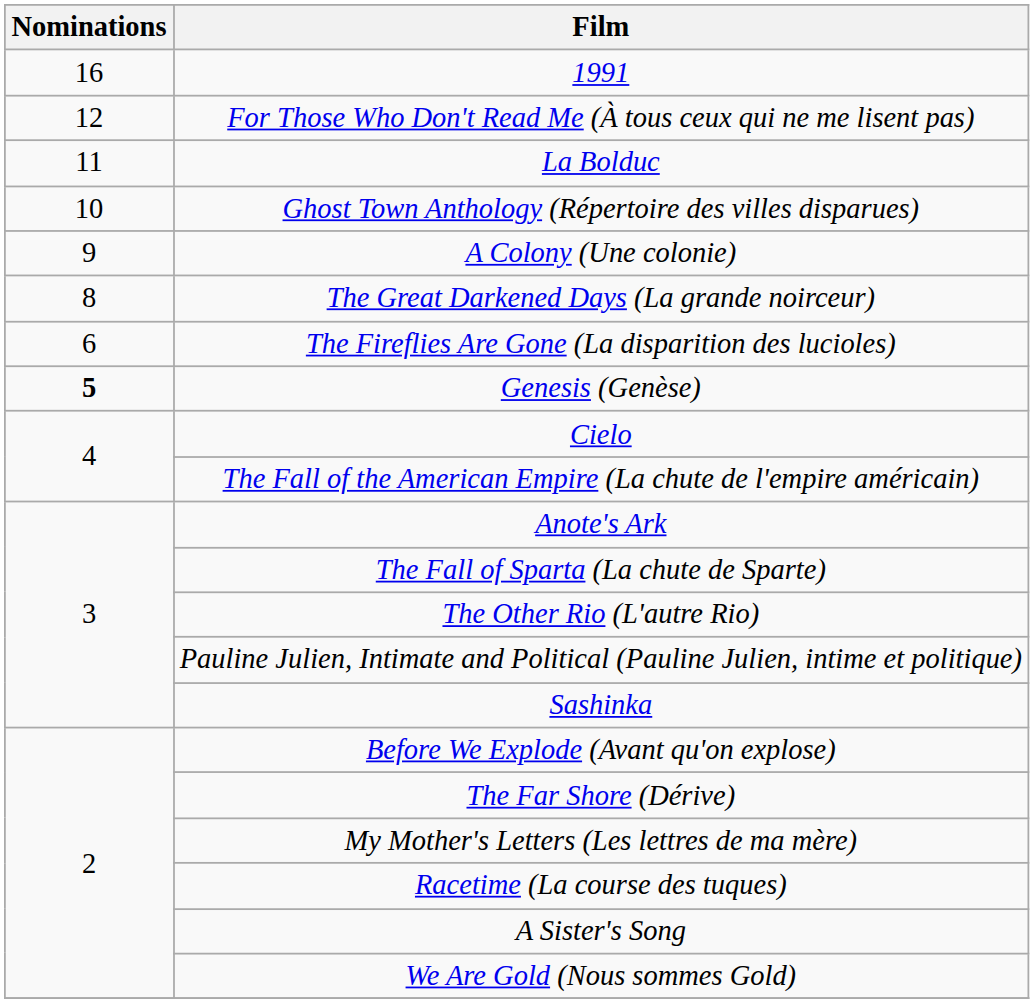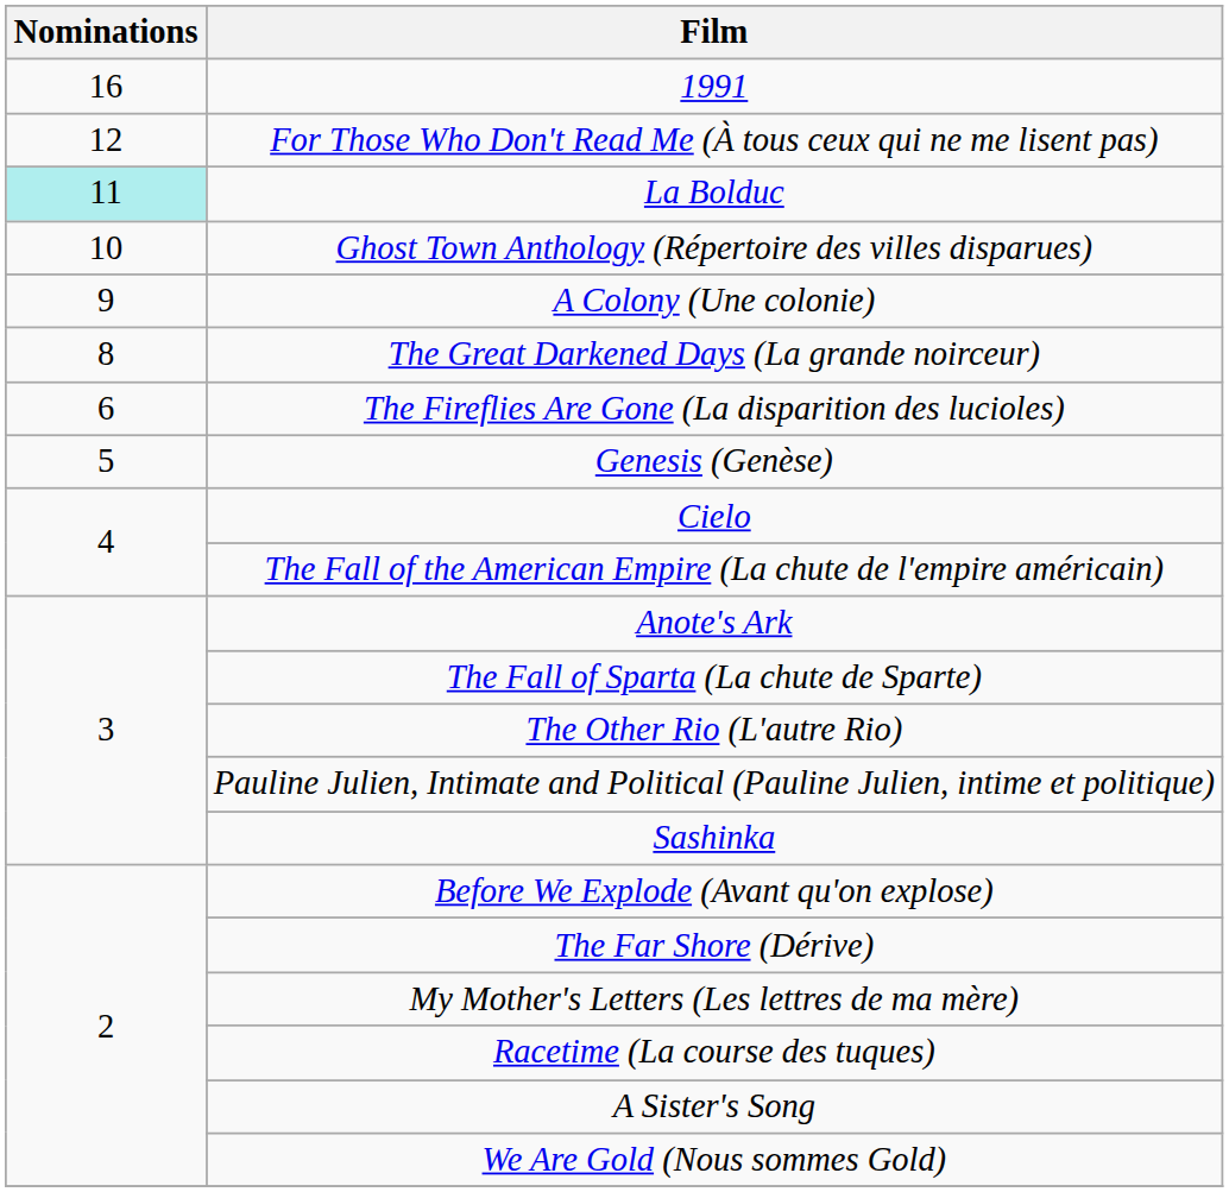 <table class="wikitable" style="text-align:center;">
 <tr>
 <th scope="col" width="17">Nominations</th>
 <th scope="col" align="center">Film</th>
 </tr>
 <tr>
 <td rowspan="1" style="text-align:center;">16</td>
 <td><em><a href='#'>1991</a></em></td>
 </tr>
 <tr>
 <td rowspan="1" style="text-align:center;">12</td>
 <td><em><a href='#'>For Those Who Don't Read Me</a> (À tous ceux qui ne me lisent pas)</em></td>
 </tr>
 <tr>
-<td rowspan="1" style="text-align:center;">11</td>
+<td rowspan="1" style="background: paleturquoise; text-align:center;">11</td>
 <td><em><a href='#'>La Bolduc</a></em></td>
 </tr>
 <tr>
 <td rowspan="1" style="text-align:center;">10</td>
 <td><em><a href='#'>Ghost Town Anthology</a> (Répertoire des villes disparues)</em></td>
 </tr>
 <tr>
 <td rowspan="1" style="text-align:center;">9</td>
 <td><em><a href='#'>A Colony</a> (Une colonie)</em></td>
 </tr>
 <tr>
 <td rowspan="1" style="text-align:center;">8</td>
 <td><em><a href='#'>The Great Darkened Days</a> (La grande noirceur)</em></td>
 </tr>
 <tr>
 <td rowspan="1" style="text-align:center;">6</td>
 <td><em><a href='#'>The Fireflies Are Gone</a> (La disparition des lucioles)</em></td>
 </tr>
 <tr>
-<td rowspan="1" style="text-align:center;"><strong>5</strong></td>
+<td rowspan="1" style="text-align:center;">5</td>
 <td><em><a href='#'>Genesis</a> (Genèse)</em></td>
 </tr>
 <tr>
 <td rowspan="2" style="text-align:center;">4</td>
 <td><em><a href='#'>Cielo</a></em></td>
 </tr>
 <tr>
 <td><em><a href='#'>The Fall of the American Empire</a> (La chute de l'empire américain)</em></td>
 </tr>
 <tr>
 <td rowspan="5" style="text-align:center;">3</td>
 <td><em><a href='#'>Anote's Ark</a></em></td>
 </tr>
 <tr>
 <td><em><a href='#'>The Fall of Sparta</a> (La chute de Sparte)</em></td>
 </tr>
 <tr>
 <td><em><a href='#'>The Other Rio</a> (L'autre Rio)</em></td>
 </tr>
 <tr>
 <td><em>Pauline Julien, Intimate and Political (Pauline Julien, intime et politique)</em></td>
 </tr>
 <tr>
 <td><em><a href='#'>Sashinka</a></em></td>
 </tr>
 <tr>
 <td rowspan="6" style="text-align:center;">2</td>
 <td><em><a href='#'>Before We Explode</a> (Avant qu'on explose)</em></td>
 </tr>
 <tr>
 <td><em><a href='#'>The Far Shore</a> (Dérive)</em></td>
 </tr>
 <tr>
 <td><em>My Mother's Letters (Les lettres de ma mère)</em></td>
 </tr>
 <tr>
 <td><em><a href='#'>Racetime</a> (La course des tuques)</em></td>
 </tr>
 <tr>
 <td><em>A Sister's Song</em></td>
 </tr>
 <tr>
 <td><em><a href='#'>We Are Gold</a> (Nous sommes Gold)</em></td>
 </tr>
 <tr>
 </tr>
 </table>
